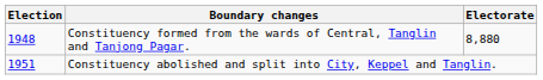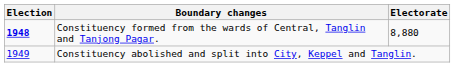 <table class="wikitable">
 <tr>
 <th>Election</th>
 <th>Boundary changes</th>
 <th>Electorate</th>
 </tr>
 <tr>
-<td><a href='#'>1948</a></td>
+<td><strong><a href='#'>1948</a></strong></td>
 <td>Constituency formed from the wards of Central, <a href='#'>Tanglin</a> and <a href='#'>Tanjong Pagar</a>.</td>
 <td>8,880</td>
 </tr>
 <tr>
-<td><a href='#'>1951</a></td>
+<td><a href='#'>1949</a></td>
 <td colspan="2">Constituency abolished and split into <a href='#'>City</a>, <a href='#'>Keppel</a> and <a href='#'>Tanglin</a>.</td>
 </tr>
 </table>
